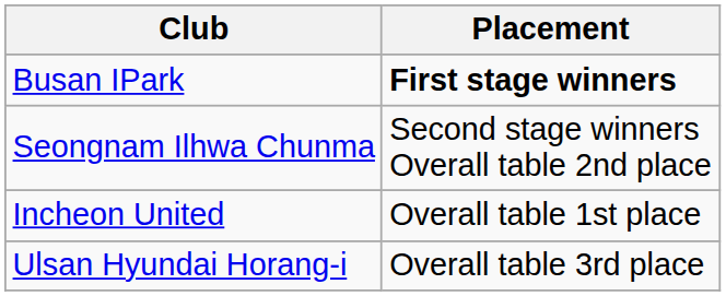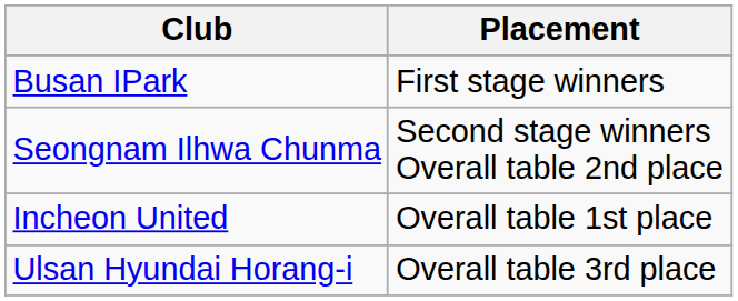 <table class="wikitable">
 <tr>
 <th>Club</th>
 <th>Placement</th>
 </tr>
 <tr>
 <td><a href='#'>Busan IPark</a></td>
-<td><strong>First stage winners</strong></td>
+<td>First stage winners</td>
 </tr>
 <tr>
 <td><a href='#'>Seongnam Ilhwa Chunma</a></td>
 <td>Second stage winners<br>Overall table 2nd place</td>
 </tr>
 <tr>
 <td><a href='#'>Incheon United</a></td>
 <td>Overall table 1st place</td>
 </tr>
 <tr>
 <td><a href='#'>Ulsan Hyundai Horang-i</a></td>
 <td>Overall table 3rd place</td>
 </tr>
 </table>
